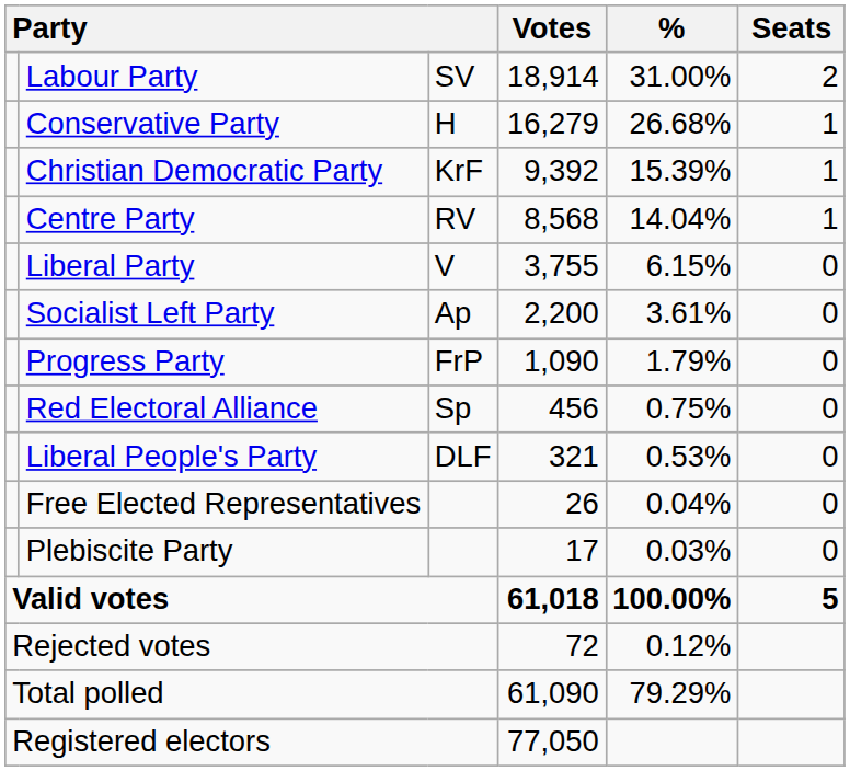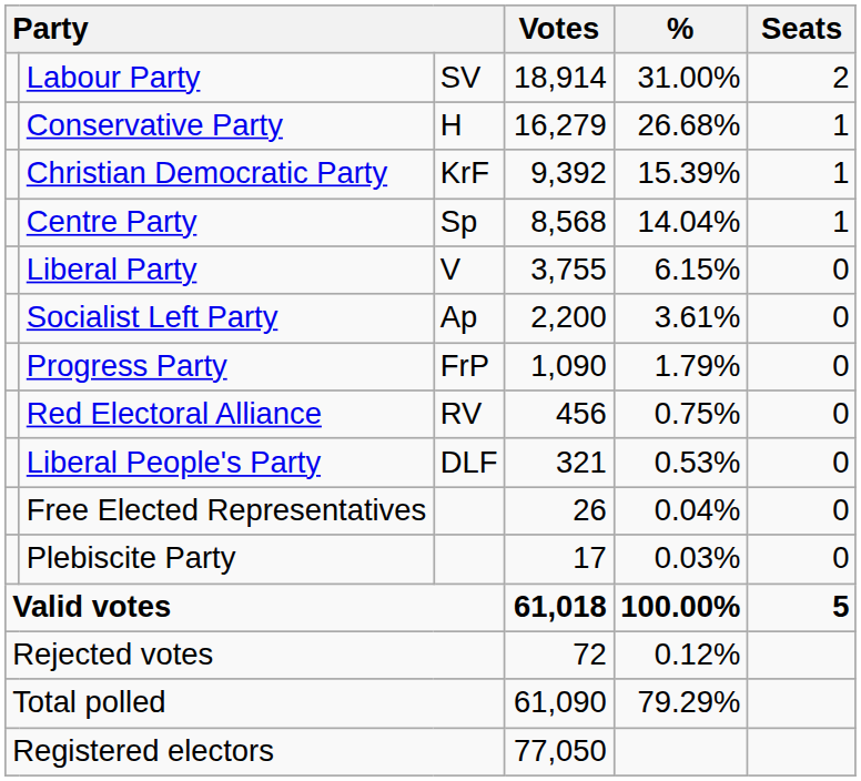 <table class="wikitable" border="1" style="text-align:right;">
 <tr>
 <th style="text-align:left;" colspan=3>Party</th>
 <th align=center width="50">Votes</th>
 <th align=center width="50">%</th>
 <th align=center width="50">Seats</th>
 </tr>
 <tr>
 <td style="color:inherit;background:"></td>
 <td align=left><a href='#'>Labour Party</a></td>
 <td align=left>SV</td>
 <td>18,914</td>
 <td>31.00%</td>
 <td>2</td>
 </tr>
 <tr>
 <td style="color:inherit;background:"></td>
 <td align=left><a href='#'>Conservative Party</a></td>
 <td align=left>H</td>
 <td>16,279</td>
 <td>26.68%</td>
 <td>1</td>
 </tr>
 <tr>
 <td style="color:inherit;background:"></td>
 <td align=left><a href='#'>Christian Democratic Party</a></td>
 <td align=left>KrF</td>
 <td>9,392</td>
 <td>15.39%</td>
 <td>1</td>
 </tr>
 <tr>
 <td style="color:inherit;background:"></td>
 <td align=left><a href='#'>Centre Party</a></td>
-<td align=left>RV</td>
+<td align=left>Sp</td>
 <td>8,568</td>
 <td>14.04%</td>
 <td>1</td>
 </tr>
 <tr>
 <td style="color:inherit;background:"></td>
 <td align=left><a href='#'>Liberal Party</a></td>
 <td align=left>V</td>
 <td>3,755</td>
 <td>6.15%</td>
 <td>0</td>
 </tr>
 <tr>
 <td style="color:inherit;background:"></td>
 <td align=left><a href='#'>Socialist Left Party</a></td>
 <td align=left>Ap</td>
 <td>2,200</td>
 <td>3.61%</td>
 <td>0</td>
 </tr>
 <tr>
 <td style="color:inherit;background:"></td>
 <td align=left><a href='#'>Progress Party</a></td>
 <td align=left>FrP</td>
 <td>1,090</td>
 <td>1.79%</td>
 <td>0</td>
 </tr>
 <tr>
 <td style="color:inherit;background:"></td>
 <td align=left><a href='#'>Red Electoral Alliance</a></td>
-<td align=left>Sp</td>
+<td align=left>RV</td>
 <td>456</td>
 <td>0.75%</td>
 <td>0</td>
 </tr>
 <tr>
 <td style="color:inherit;background:"></td>
 <td align=left><a href='#'>Liberal People's Party</a></td>
 <td align=left>DLF</td>
 <td>321</td>
 <td>0.53%</td>
 <td>0</td>
 </tr>
 <tr>
 <td></td>
 <td align=left>Free Elected Representatives</td>
 <td align=left></td>
 <td>26</td>
 <td>0.04%</td>
 <td>0</td>
 </tr>
 <tr>
 <td></td>
 <td align=left>Plebiscite Party</td>
 <td align=left></td>
 <td>17</td>
 <td>0.03%</td>
 <td>0</td>
 </tr>
 <tr style="font-weight:bold">
 <td align=left colspan=3>Valid votes</td>
 <td>61,018</td>
 <td>100.00%</td>
 <td>5</td>
 </tr>
 <tr>
 <td align=left colspan=3>Rejected votes</td>
 <td>72</td>
 <td>0.12%</td>
 <td></td>
 </tr>
 <tr>
 <td align=left colspan=3>Total polled</td>
 <td>61,090</td>
 <td>79.29%</td>
 <td></td>
 </tr>
 <tr>
 <td align=left colspan=3>Registered electors</td>
 <td>77,050</td>
 <td></td>
 <td></td>
 </tr>
 </table>
